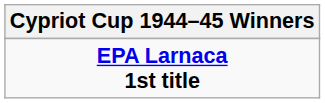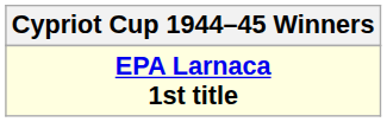 <table class="wikitable" style="text-align:center;margin: 0 auto;">
 <tr>
 <th>Cypriot Cup 1944–45 Winners</th>
 </tr>
 <tr>
 </tr>
 <tr>
-<td><strong><a href='#'>EPA Larnaca</a></strong><br><strong>1st title</strong></td>
+<td style="background: lightyellow;"><strong><a href='#'>EPA Larnaca</a></strong><br><strong>1st title</strong></td>
 </tr>
 </table>
